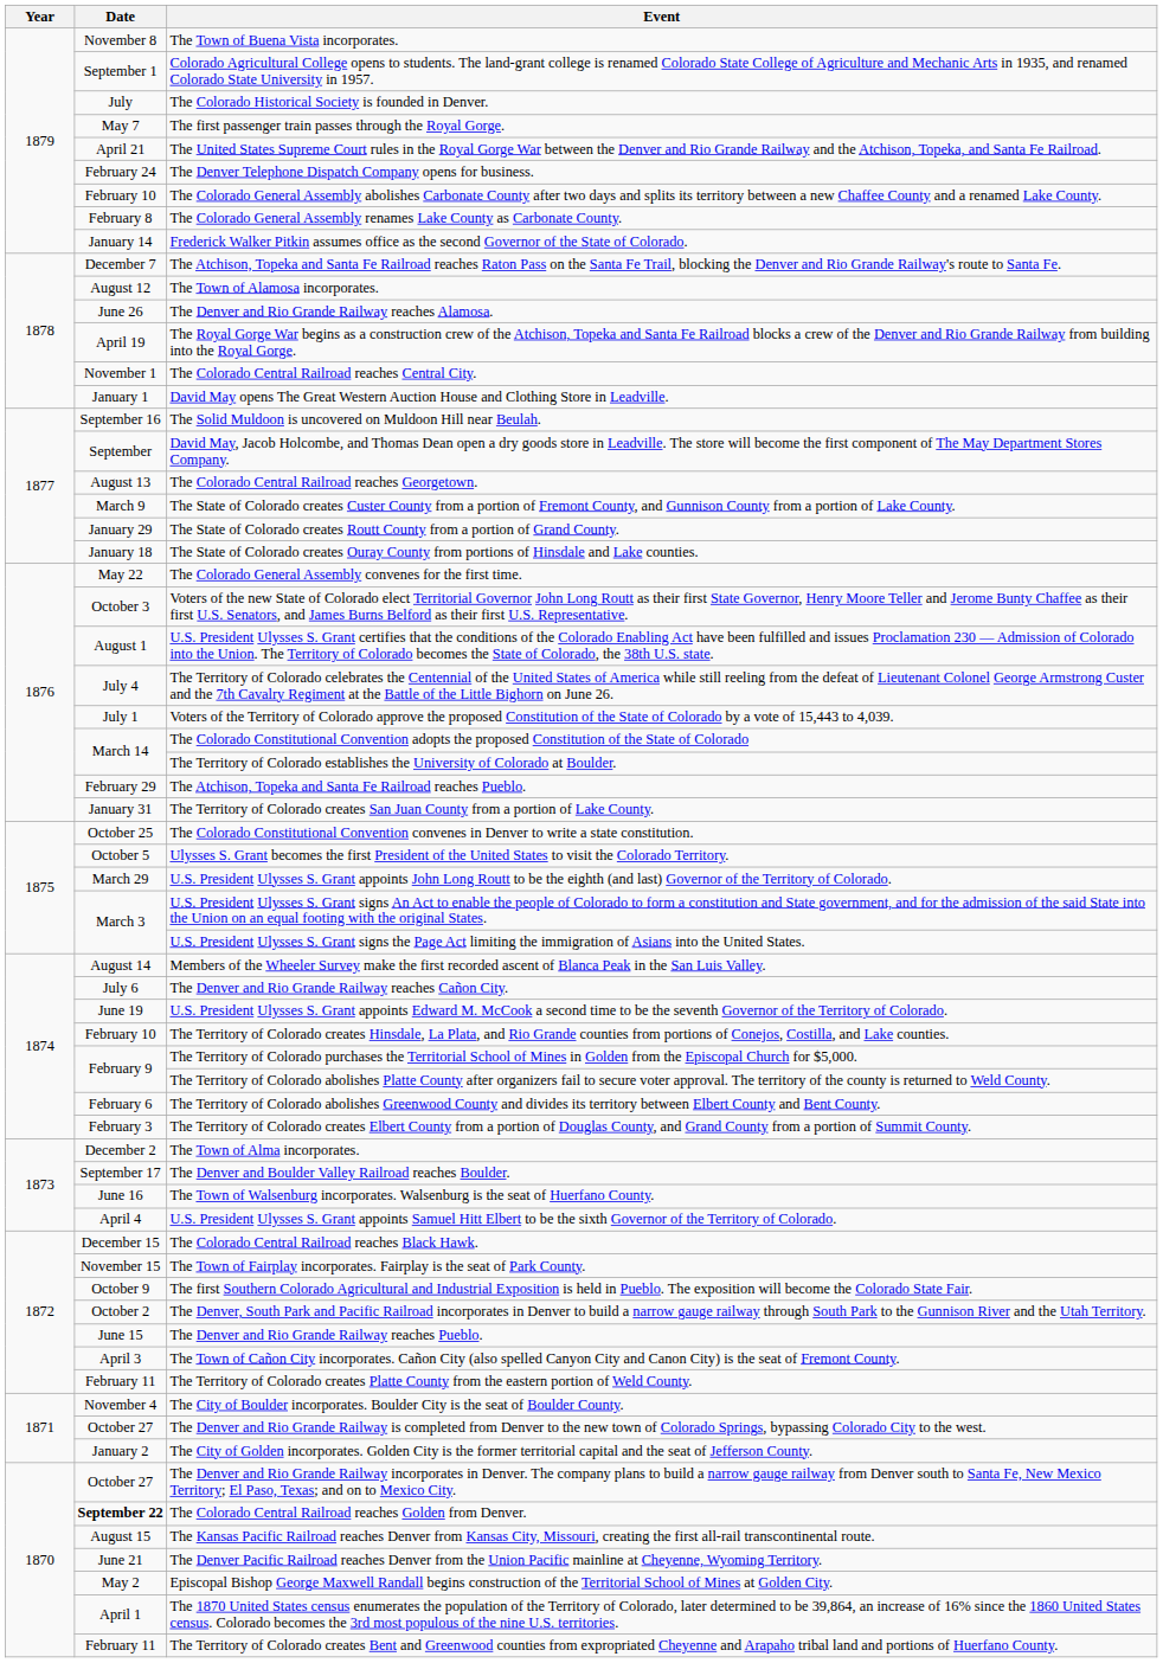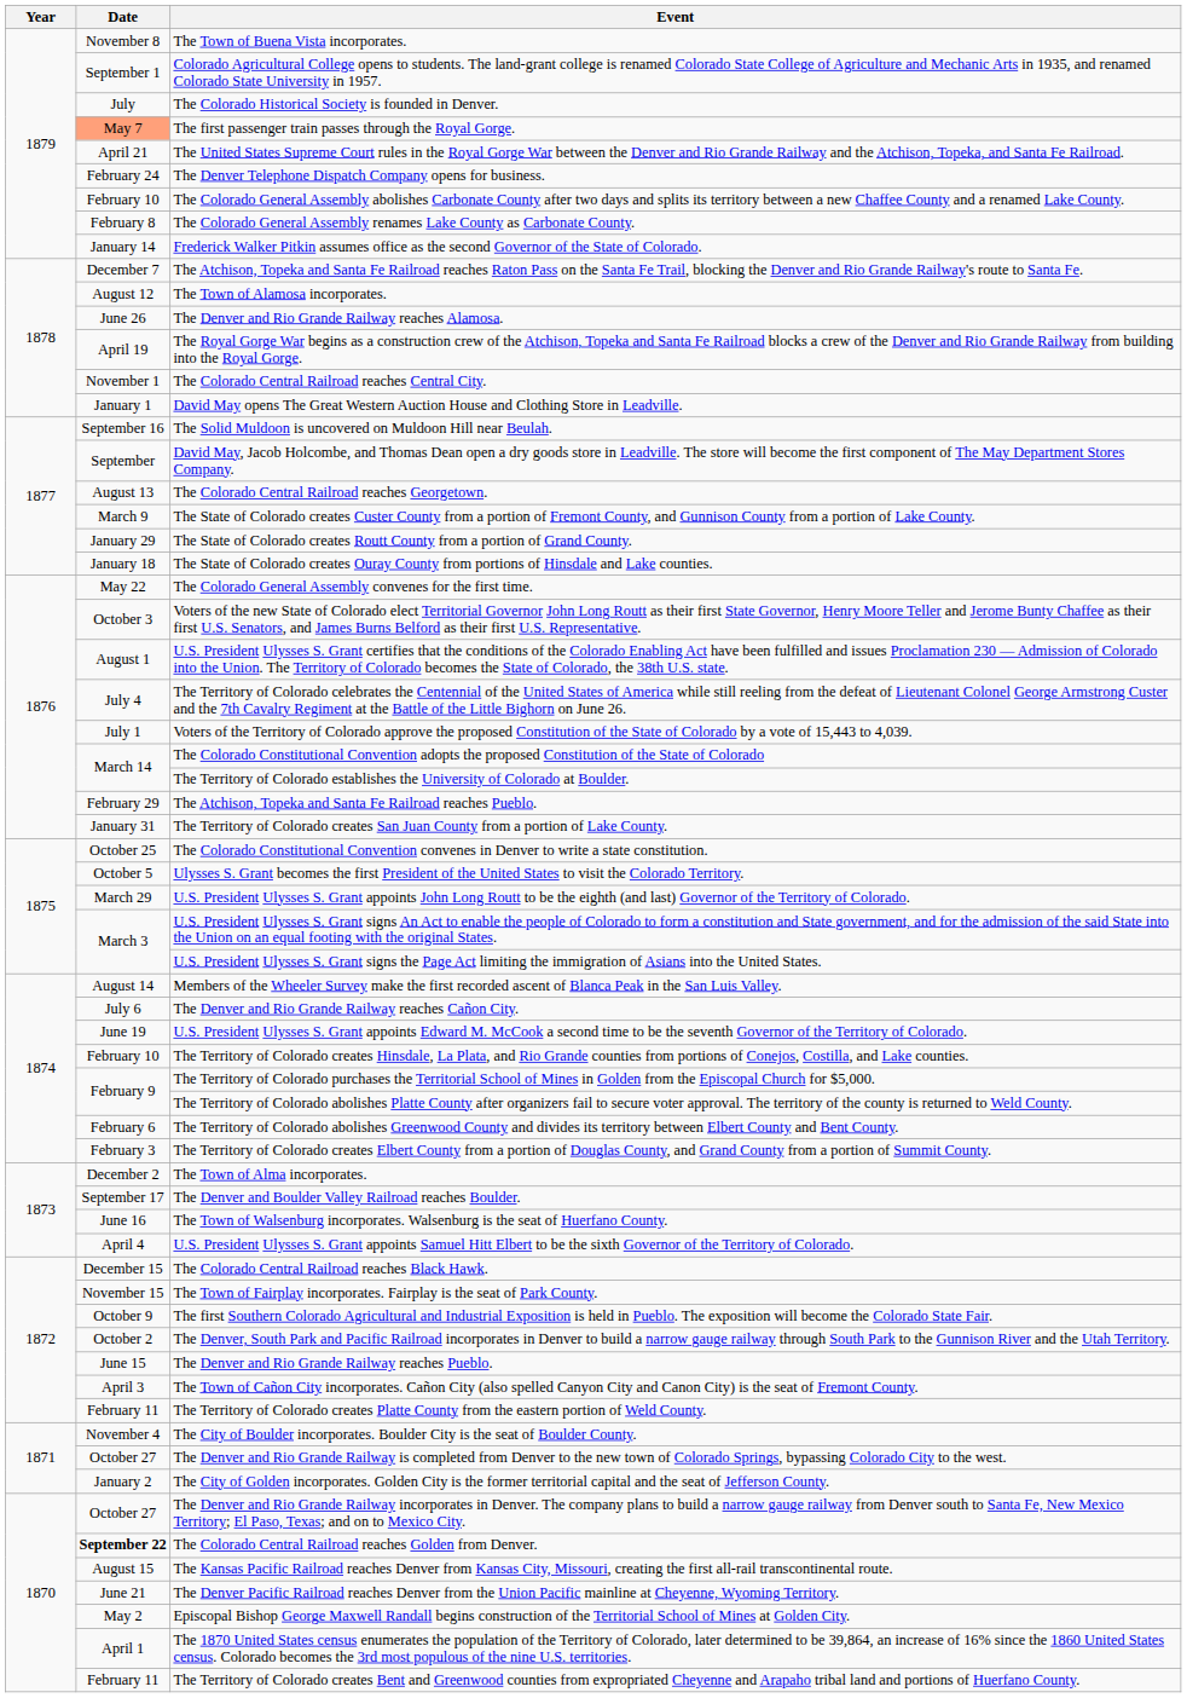 <table class="wikitable" style="width:100%;">
 <tr>
 <th style="width:6%">Year</th>
 <th style="width:8%">Date</th>
 <th style="width:86%">Event</th>
 </tr>
 <tr>
 <td align=center rowspan=9>1879</td>
 <td align=center>November 8</td>
 <td>The <a href='#'>Town of Buena Vista</a> incorporates.</td>
 </tr>
 <tr>
 <td align=center>September 1</td>
 <td><a href='#'>Colorado Agricultural College</a> opens to students. The land-grant college is renamed <a href='#'>Colorado State College of Agriculture and Mechanic Arts</a> in 1935, and renamed <a href='#'>Colorado State University</a> in 1957.</td>
 </tr>
 <tr>
 <td align=center>July</td>
 <td>The <a href='#'>Colorado Historical Society</a> is founded in Denver.</td>
 </tr>
 <tr>
-<td align=center>May 7</td>
+<td align=center style="background: lightsalmon;">May 7</td>
 <td>The first passenger train passes through the <a href='#'>Royal Gorge</a>.</td>
 </tr>
 <tr>
 <td align=center>April 21</td>
 <td>The <a href='#'>United States Supreme Court</a> rules in the <a href='#'>Royal Gorge War</a> between the <a href='#'>Denver and Rio Grande Railway</a> and the <a href='#'>Atchison, Topeka, and Santa Fe Railroad</a>.</td>
 </tr>
 <tr>
 <td align=center>February 24</td>
 <td>The <a href='#'>Denver Telephone Dispatch Company</a> opens for business.</td>
 </tr>
 <tr>
 <td align=center>February 10</td>
 <td>The <a href='#'>Colorado General Assembly</a> abolishes <a href='#'>Carbonate County</a> after two days and splits its territory between a new <a href='#'>Chaffee County</a> and a renamed <a href='#'>Lake County</a>.</td>
 </tr>
 <tr>
 <td align=center>February 8</td>
 <td>The <a href='#'>Colorado General Assembly</a> renames <a href='#'>Lake County</a> as <a href='#'>Carbonate County</a>.</td>
 </tr>
 <tr>
 <td align=center>January 14</td>
 <td><a href='#'>Frederick Walker Pitkin</a> assumes office as the second <a href='#'>Governor of the State of Colorado</a>.</td>
 </tr>
 <tr>
 <td align=center rowspan=6>1878</td>
 <td align=center>December 7</td>
 <td>The <a href='#'>Atchison, Topeka and Santa Fe Railroad</a> reaches <a href='#'>Raton Pass</a> on the <a href='#'>Santa Fe Trail</a>, blocking the <a href='#'>Denver and Rio Grande Railway</a>'s route to <a href='#'>Santa Fe</a>.</td>
 </tr>
 <tr>
 <td align=center>August 12</td>
 <td>The <a href='#'>Town of Alamosa</a> incorporates.</td>
 </tr>
 <tr>
 <td align=center>June 26</td>
 <td>The <a href='#'>Denver and Rio Grande Railway</a> reaches <a href='#'>Alamosa</a>.</td>
 </tr>
 <tr>
 <td align=center>April 19</td>
 <td>The <a href='#'>Royal Gorge War</a> begins as a construction crew of the <a href='#'>Atchison, Topeka and Santa Fe Railroad</a> blocks a crew of the <a href='#'>Denver and Rio Grande Railway</a> from building into the <a href='#'>Royal Gorge</a>.</td>
 </tr>
 <tr>
 <td align=center>November 1</td>
 <td>The <a href='#'>Colorado Central Railroad</a> reaches <a href='#'>Central City</a>.</td>
 </tr>
 <tr>
 <td align=center>January 1</td>
 <td><a href='#'>David May</a> opens The Great Western Auction House and Clothing Store in <a href='#'>Leadville</a>.</td>
 </tr>
 <tr>
 <td align=center rowspan=6>1877</td>
 <td align=center>September 16</td>
 <td>The <a href='#'>Solid Muldoon</a> is uncovered on Muldoon Hill near <a href='#'>Beulah</a>.</td>
 </tr>
 <tr>
 <td align=center>September</td>
 <td><a href='#'>David May</a>, Jacob Holcombe, and Thomas Dean open a dry goods store in <a href='#'>Leadville</a>. The store will become the first component of <a href='#'>The May Department Stores Company</a>.</td>
 </tr>
 <tr>
 <td align=center>August 13</td>
 <td>The <a href='#'>Colorado Central Railroad</a> reaches <a href='#'>Georgetown</a>.</td>
 </tr>
 <tr>
 <td align=center>March 9</td>
 <td>The State of Colorado creates <a href='#'>Custer County</a> from a portion of <a href='#'>Fremont County</a>, and <a href='#'>Gunnison County</a> from a portion of <a href='#'>Lake County</a>.</td>
 </tr>
 <tr>
 <td align=center>January 29</td>
 <td>The State of Colorado creates <a href='#'>Routt County</a> from a portion of <a href='#'>Grand County</a>.</td>
 </tr>
 <tr>
 <td align=center>January 18</td>
 <td>The State of Colorado creates <a href='#'>Ouray County</a> from portions of <a href='#'>Hinsdale</a> and <a href='#'>Lake</a> counties.</td>
 </tr>
 <tr>
 <td align=center rowspan=9>1876</td>
 <td align=center>May 22</td>
 <td>The <a href='#'>Colorado General Assembly</a> convenes for the first time.</td>
 </tr>
 <tr>
 <td align=center>October 3</td>
 <td>Voters of the new State of Colorado elect <a href='#'>Territorial Governor</a> <a href='#'>John Long Routt</a> as their first <a href='#'>State Governor</a>, <a href='#'>Henry Moore Teller</a> and <a href='#'>Jerome Bunty Chaffee</a> as their first <a href='#'>U.S. Senators</a>, and <a href='#'>James Burns Belford</a> as their first <a href='#'>U.S. Representative</a>.</td>
 </tr>
 <tr>
 <td align=center>August 1</td>
 <td><a href='#'>U.S. President</a> <a href='#'>Ulysses S. Grant</a> certifies that the conditions of the <a href='#'>Colorado Enabling Act</a> have been fulfilled and issues <a href='#'>Proclamation 230 — Admission of Colorado into the Union</a>. The <a href='#'>Territory of Colorado</a> becomes the <a href='#'>State of Colorado</a>, the <a href='#'>38th U.S. state</a>.</td>
 </tr>
 <tr>
 <td align=center>July 4</td>
 <td>The Territory of Colorado celebrates the <a href='#'>Centennial</a> of the <a href='#'>United States of America</a> while still reeling from the defeat of <a href='#'>Lieutenant Colonel</a> <a href='#'>George Armstrong Custer</a> and the <a href='#'>7th Cavalry Regiment</a> at the <a href='#'>Battle of the Little Bighorn</a> on June 26.</td>
 </tr>
 <tr>
 <td align=center>July 1</td>
 <td>Voters of the Territory of Colorado approve the proposed <a href='#'>Constitution of the State of Colorado</a> by a vote of 15,443 to 4,039.</td>
 </tr>
 <tr>
 <td align=center rowspan=2>March 14</td>
 <td>The <a href='#'>Colorado Constitutional Convention</a> adopts the proposed <a href='#'>Constitution of the State of Colorado</a></td>
 </tr>
 <tr>
 <td>The Territory of Colorado establishes the <a href='#'>University of Colorado</a> at <a href='#'>Boulder</a>.</td>
 </tr>
 <tr>
 <td align=center>February 29</td>
 <td>The <a href='#'>Atchison, Topeka and Santa Fe Railroad</a> reaches <a href='#'>Pueblo</a>.</td>
 </tr>
 <tr>
 <td align=center>January 31</td>
 <td>The Territory of Colorado creates <a href='#'>San Juan County</a> from a portion of <a href='#'>Lake County</a>.</td>
 </tr>
 <tr>
 <td align=center rowspan=5>1875</td>
 <td align=center>October 25</td>
 <td>The <a href='#'>Colorado Constitutional Convention</a> convenes in Denver to write a state constitution.</td>
 </tr>
 <tr>
 <td align=center>October 5</td>
 <td><a href='#'>Ulysses S. Grant</a> becomes the first <a href='#'>President of the United States</a> to visit the <a href='#'>Colorado Territory</a>.</td>
 </tr>
 <tr>
 <td align=center>March 29</td>
 <td><a href='#'>U.S. President</a> <a href='#'>Ulysses S. Grant</a> appoints <a href='#'>John Long Routt</a> to be the eighth (and last) <a href='#'>Governor of the Territory of Colorado</a>.</td>
 </tr>
 <tr>
 <td align=center rowspan=2>March 3</td>
 <td><a href='#'>U.S. President</a> <a href='#'>Ulysses S. Grant</a> signs <a href='#'>An Act to enable the people of Colorado to form a constitution and State government, and for the admission of the said State into the Union on an equal footing with the original States</a>.</td>
 </tr>
 <tr>
 <td><a href='#'>U.S. President</a> <a href='#'>Ulysses S. Grant</a> signs the <a href='#'>Page Act</a> limiting the immigration of <a href='#'>Asians</a> into the United States.</td>
 </tr>
 <tr>
 <td align=center rowspan=8>1874</td>
 <td align=center>August 14</td>
 <td>Members of the <a href='#'>Wheeler Survey</a> make the first recorded ascent of <a href='#'>Blanca Peak</a> in the <a href='#'>San Luis Valley</a>.</td>
 </tr>
 <tr>
 <td align=center>July 6</td>
 <td>The <a href='#'>Denver and Rio Grande Railway</a> reaches <a href='#'>Cañon City</a>.</td>
 </tr>
 <tr>
 <td align=center>June 19</td>
 <td><a href='#'>U.S. President</a> <a href='#'>Ulysses S. Grant</a> appoints <a href='#'>Edward M. McCook</a> a second time to be the seventh <a href='#'>Governor of the Territory of Colorado</a>.</td>
 </tr>
 <tr>
 <td align=center>February 10</td>
 <td>The Territory of Colorado creates <a href='#'>Hinsdale</a>, <a href='#'>La Plata</a>, and <a href='#'>Rio Grande</a> counties from portions of <a href='#'>Conejos</a>, <a href='#'>Costilla</a>, and <a href='#'>Lake</a> counties.</td>
 </tr>
 <tr>
 <td align=center rowspan=2>February 9</td>
 <td>The Territory of Colorado purchases the <a href='#'>Territorial School of Mines</a> in <a href='#'>Golden</a> from the <a href='#'>Episcopal Church</a> for $5,000.</td>
 </tr>
 <tr>
 <td>The Territory of Colorado abolishes <a href='#'>Platte County</a> after organizers fail to secure voter approval. The territory of the county is returned to <a href='#'>Weld County</a>.</td>
 </tr>
 <tr>
 <td align=center>February 6</td>
 <td>The Territory of Colorado abolishes <a href='#'>Greenwood County</a> and divides its territory between <a href='#'>Elbert County</a> and <a href='#'>Bent County</a>.</td>
 </tr>
 <tr>
 <td align=center>February 3</td>
 <td>The Territory of Colorado creates <a href='#'>Elbert County</a> from a portion of <a href='#'>Douglas County</a>, and <a href='#'>Grand County</a> from a portion of <a href='#'>Summit County</a>.</td>
 </tr>
 <tr>
 <td align=center rowspan=4>1873</td>
 <td align=center>December 2</td>
 <td>The <a href='#'>Town of Alma</a> incorporates.</td>
 </tr>
 <tr>
 <td align=center>September 17</td>
 <td>The <a href='#'>Denver and Boulder Valley Railroad</a> reaches <a href='#'>Boulder</a>.</td>
 </tr>
 <tr>
 <td align=center>June 16</td>
 <td>The <a href='#'>Town of Walsenburg</a> incorporates.  Walsenburg is the seat of <a href='#'>Huerfano County</a>.</td>
 </tr>
 <tr>
 <td align=center>April 4</td>
 <td><a href='#'>U.S. President</a> <a href='#'>Ulysses S. Grant</a> appoints <a href='#'>Samuel Hitt Elbert</a> to be the sixth <a href='#'>Governor of the Territory of Colorado</a>.</td>
 </tr>
 <tr>
 <td align=center rowspan=7>1872</td>
 <td align=center>December 15</td>
 <td>The <a href='#'>Colorado Central Railroad</a> reaches <a href='#'>Black Hawk</a>.</td>
 </tr>
 <tr>
 <td align=center>November 15</td>
 <td>The <a href='#'>Town of Fairplay</a> incorporates.  Fairplay is the seat of <a href='#'>Park County</a>.</td>
 </tr>
 <tr>
 <td align=center>October 9</td>
 <td>The first <a href='#'>Southern Colorado Agricultural and Industrial Exposition</a> is held in <a href='#'>Pueblo</a>. The exposition will become the <a href='#'>Colorado State Fair</a>.</td>
 </tr>
 <tr>
 <td align=center>October 2</td>
 <td>The <a href='#'>Denver, South Park and Pacific Railroad</a> incorporates in Denver to build a <a href='#'>narrow gauge railway</a> through <a href='#'>South Park</a> to the <a href='#'>Gunnison River</a> and the <a href='#'>Utah Territory</a>.</td>
 </tr>
 <tr>
 <td align=center>June 15</td>
 <td>The <a href='#'>Denver and Rio Grande Railway</a> reaches <a href='#'>Pueblo</a>.</td>
 </tr>
 <tr>
 <td align=center>April 3</td>
 <td>The <a href='#'>Town of Cañon City</a> incorporates.  Cañon City (also spelled Canyon City and Canon City) is the seat of <a href='#'>Fremont County</a>.</td>
 </tr>
 <tr>
 <td align=center>February 11</td>
 <td>The Territory of Colorado creates <a href='#'>Platte County</a> from the eastern portion of <a href='#'>Weld County</a>.</td>
 </tr>
 <tr>
 <td align=center rowspan=3>1871</td>
 <td align=center>November 4</td>
 <td>The <a href='#'>City of Boulder</a> incorporates.  Boulder City is the seat of <a href='#'>Boulder County</a>.</td>
 </tr>
 <tr>
 <td align=center>October 27</td>
 <td>The <a href='#'>Denver and Rio Grande Railway</a> is completed from Denver to the new town of <a href='#'>Colorado Springs</a>, bypassing <a href='#'>Colorado City</a>  to the west.</td>
 </tr>
 <tr>
 <td align=center>January 2</td>
 <td>The <a href='#'>City of Golden</a> incorporates.  Golden City is the former territorial capital and the seat of <a href='#'>Jefferson County</a>.</td>
 </tr>
 <tr>
 <td align=center rowspan=7>1870</td>
 <td align=center>October 27</td>
 <td>The <a href='#'>Denver and Rio Grande Railway</a> incorporates in Denver. The company plans to build a <a href='#'>narrow gauge railway</a> from Denver south to <a href='#'>Santa Fe, New Mexico Territory</a>; <a href='#'>El Paso, Texas</a>; and on to <a href='#'>Mexico City</a>.</td>
 </tr>
 <tr>
 <td align=center><strong>September 22</strong></td>
 <td>The <a href='#'>Colorado Central Railroad</a> reaches <a href='#'>Golden</a> from Denver.</td>
 </tr>
 <tr>
 <td align=center>August 15</td>
 <td>The <a href='#'>Kansas Pacific Railroad</a> reaches Denver from <a href='#'>Kansas City, Missouri</a>, creating the first all-rail transcontinental route.</td>
 </tr>
 <tr>
 <td align=center>June 21</td>
 <td>The <a href='#'>Denver Pacific Railroad</a> reaches Denver from the <a href='#'>Union Pacific</a> mainline at <a href='#'>Cheyenne, Wyoming Territory</a>.</td>
 </tr>
 <tr>
 <td align=center>May 2</td>
 <td>Episcopal Bishop <a href='#'>George Maxwell Randall</a> begins construction of the <a href='#'>Territorial School of Mines</a> at <a href='#'>Golden City</a>.</td>
 </tr>
 <tr>
 <td align=center>April 1</td>
 <td>The <a href='#'>1870 United States census</a> enumerates the population of the Territory of Colorado, later determined to be 39,864, an increase of 16% since the <a href='#'>1860 United States census</a>. Colorado becomes the <a href='#'>3rd most populous of the nine U.S. territories</a>.</td>
 </tr>
 <tr>
 <td align=center>February 11</td>
 <td>The Territory of Colorado creates <a href='#'>Bent</a> and <a href='#'>Greenwood</a> counties from expropriated <a href='#'>Cheyenne</a> and <a href='#'>Arapaho</a> tribal land and portions of <a href='#'>Huerfano County</a>.</td>
 </tr>
 </table>
